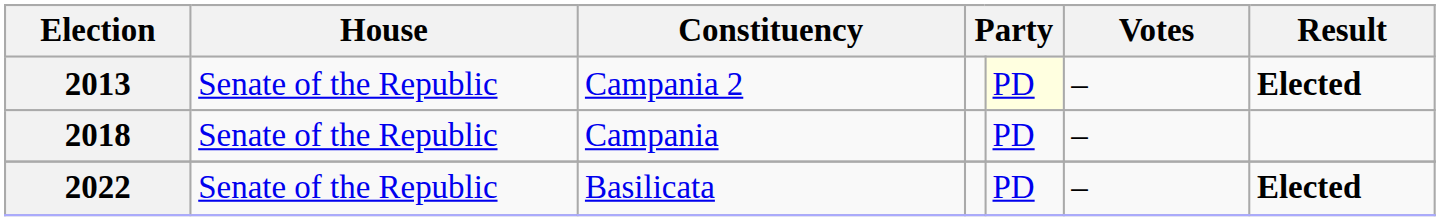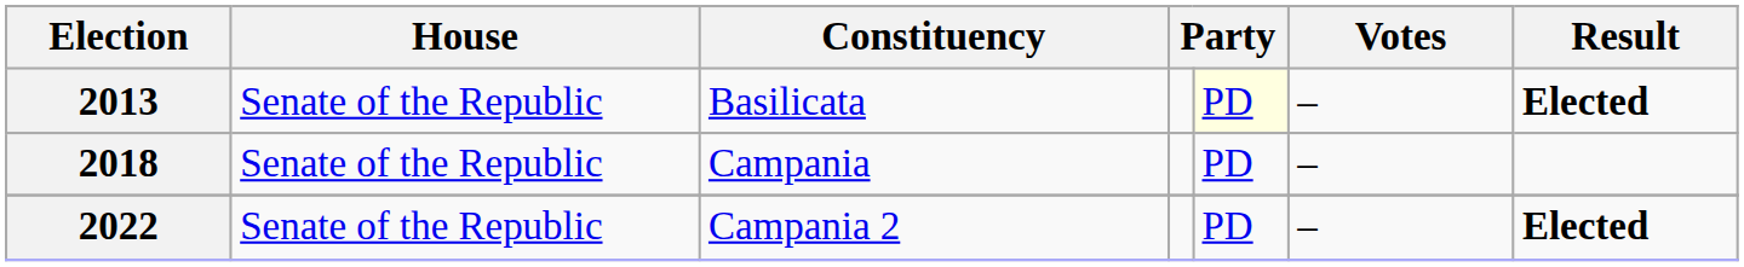 <table class=wikitable style="width:55%; border:1px #AAAAFF solid">
 <tr>
 <th width=12%>Election</th>
 <th width=25%>House</th>
 <th width=25%>Constituency</th>
 <th width=5% colspan="2">Party</th>
 <th width=12%>Votes</th>
 <th width=12%>Result</th>
 </tr>
 <tr>
 <th>2013</th>
 <td><a href='#'>Senate of the Republic</a></td>
-<td><a href='#'>Campania 2</a></td>
+<td><a href='#'>Basilicata</a></td>
 <td></td>
 <td style="background: lightyellow;"><a href='#'>PD</a></td>
 <td>–</td>
 <td> <strong>Elected</strong></td>
 </tr>
 <tr>
 <th>2018</th>
 <td><a href='#'>Senate of the Republic</a></td>
 <td><a href='#'>Campania</a></td>
 <td></td>
 <td><a href='#'>PD</a></td>
 <td>–</td>
 <td></td>
 </tr>
 <tr>
 </tr>
 <tr>
 <th>2022</th>
 <td><a href='#'>Senate of the Republic</a></td>
-<td><a href='#'>Basilicata</a></td>
+<td><a href='#'>Campania 2</a></td>
 <td></td>
 <td><a href='#'>PD</a></td>
 <td>–</td>
 <td> <strong>Elected</strong></td>
 </tr>
 <tr>
 </tr>
 </table>
